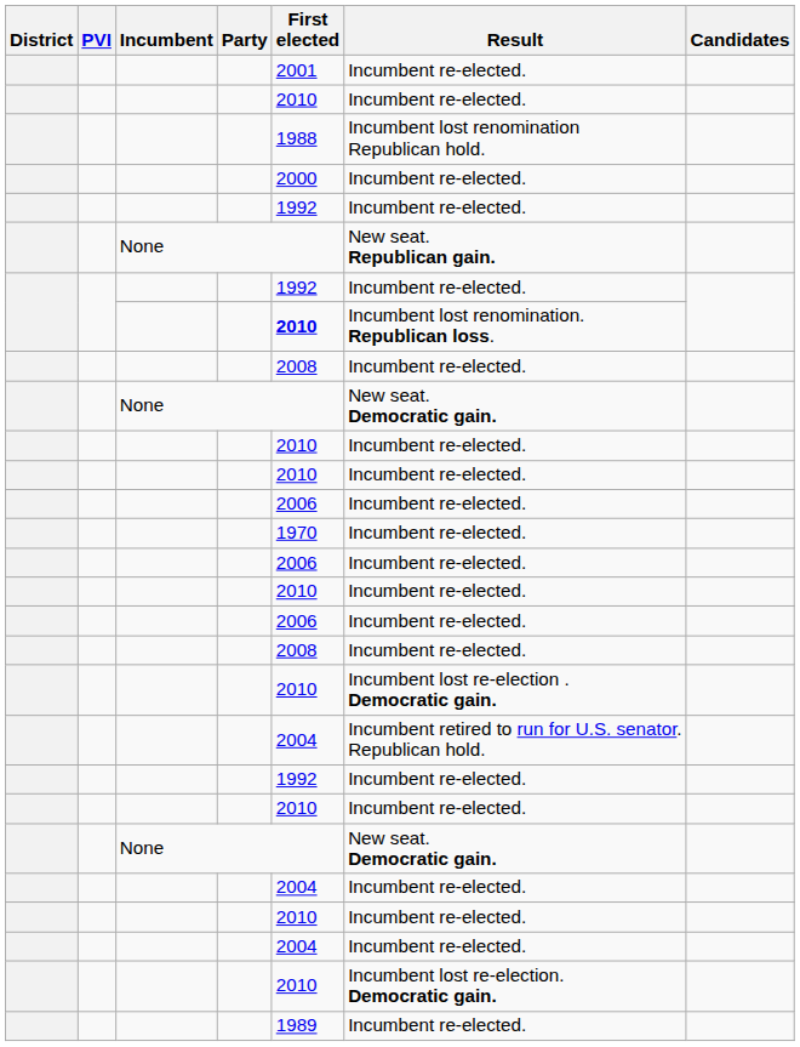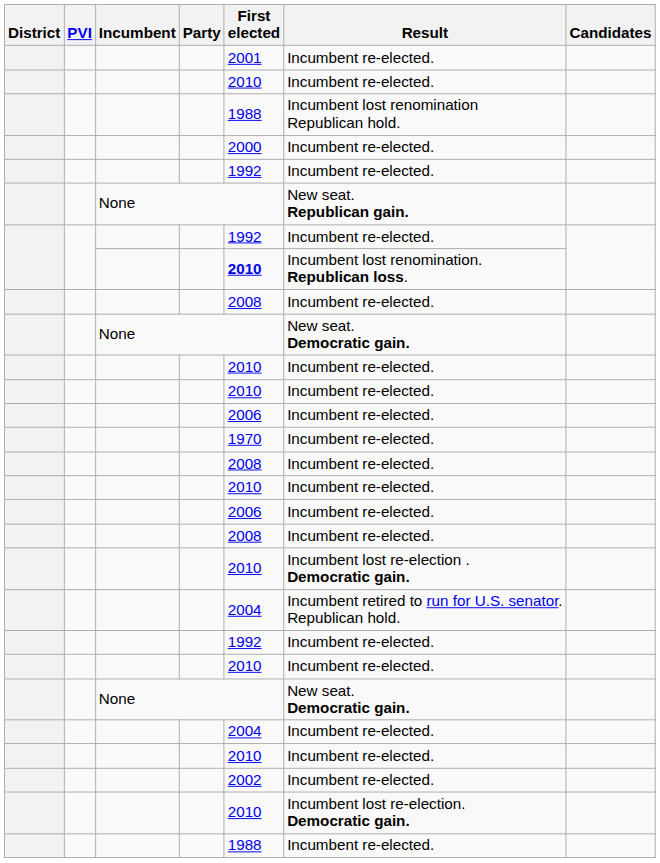 <table class="wikitable sortable">
 <tr valign=bottom>
 <th>District</th>
 <th><a href='#'>PVI</a></th>
 <th>Incumbent</th>
 <th>Party</th>
 <th>First<br>elected</th>
 <th>Result</th>
 <th>Candidates</th>
 </tr>
 <tr>
 <th></th>
 <td></td>
 <td></td>
 <td></td>
 <td><a href='#'>2001 </a></td>
 <td>Incumbent re-elected.</td>
 <td nowrap></td>
 </tr>
 <tr>
 <th></th>
 <td></td>
 <td></td>
 <td></td>
 <td><a href='#'>2010</a></td>
 <td>Incumbent re-elected.</td>
 <td nowrap></td>
 </tr>
 <tr>
 <th></th>
 <td></td>
 <td><br></td>
 <td></td>
 <td><a href='#'>1988</a></td>
 <td>Incumbent lost renomination<br>Republican hold.</td>
 <td nowrap></td>
 </tr>
 <tr>
 <th></th>
 <td></td>
 <td></td>
 <td></td>
 <td><a href='#'>2000</a></td>
 <td>Incumbent re-elected.</td>
 <td nowrap></td>
 </tr>
 <tr>
 <th></th>
 <td></td>
 <td><br></td>
 <td></td>
 <td><a href='#'>1992</a></td>
 <td>Incumbent re-elected.</td>
 <td nowrap></td>
 </tr>
 <tr>
 <th></th>
 <td></td>
 <td colspan=3 data-sort-value="ZZZ">None </td>
 <td>New seat.<br><strong>Republican gain.</strong></td>
 <td nowrap></td>
 </tr>
 <tr>
 <th rowspan=2></th>
 <td rowspan=2 ></td>
 <td></td>
 <td></td>
 <td><a href='#'>1992</a></td>
 <td>Incumbent re-elected.</td>
 <td rowspan=2 nowrap></td>
 </tr>
 <tr>
 <td><br></td>
 <td></td>
 <td><strong><a href='#'>2010</a></strong></td>
 <td>Incumbent lost renomination.<br><strong>Republican loss</strong>.</td>
 </tr>
 <tr>
 <th></th>
 <td></td>
 <td><br></td>
 <td></td>
 <td><a href='#'>2008</a></td>
 <td>Incumbent re-elected.</td>
 <td nowrap></td>
 </tr>
 <tr>
 <th></th>
 <td></td>
 <td colspan=3 data-sort-value="ZZZ">None </td>
 <td>New seat.<br><strong>Democratic gain.</strong></td>
 <td nowrap></td>
 </tr>
 <tr>
 <th></th>
 <td></td>
 <td><br></td>
 <td></td>
 <td><a href='#'>2010</a></td>
 <td>Incumbent re-elected.</td>
 <td nowrap></td>
 </tr>
 <tr>
 <th></th>
 <td></td>
 <td><br></td>
 <td></td>
 <td><a href='#'>2010</a></td>
 <td>Incumbent re-elected.</td>
 <td nowrap></td>
 </tr>
 <tr>
 <th></th>
 <td></td>
 <td><br></td>
 <td></td>
 <td><a href='#'>2006</a></td>
 <td>Incumbent re-elected.</td>
 <td nowrap></td>
 </tr>
 <tr>
 <th></th>
 <td></td>
 <td><br></td>
 <td></td>
 <td><a href='#'>1970</a></td>
 <td>Incumbent re-elected.</td>
 <td nowrap></td>
 </tr>
 <tr>
 <th></th>
 <td></td>
 <td><br></td>
 <td></td>
-<td><a href='#'>2006</a></td>
+<td><a href='#'>2008</a></td>
 <td>Incumbent re-elected.</td>
 <td nowrap></td>
 </tr>
 <tr>
 <th></th>
 <td></td>
 <td><br></td>
 <td></td>
 <td><a href='#'>2010</a></td>
 <td>Incumbent re-elected.</td>
 <td nowrap></td>
 </tr>
 <tr>
 <th></th>
 <td></td>
 <td><br></td>
 <td></td>
 <td><a href='#'>2006</a></td>
 <td>Incumbent re-elected.</td>
 <td nowrap></td>
 </tr>
 <tr>
 <th></th>
 <td></td>
 <td><br></td>
 <td></td>
 <td><a href='#'>2008</a></td>
 <td>Incumbent re-elected.</td>
 <td nowrap></td>
 </tr>
 <tr>
 <th></th>
 <td></td>
 <td><br></td>
 <td></td>
 <td><a href='#'>2010</a></td>
 <td>Incumbent lost re-election .<br><strong>Democratic gain.</strong></td>
 <td nowrap></td>
 </tr>
 <tr>
 <th></th>
 <td></td>
 <td><br></td>
 <td></td>
 <td><a href='#'>2004</a></td>
 <td>Incumbent retired to <a href='#'>run for U.S. senator</a>.<br>Republican hold.</td>
 <td nowrap></td>
 </tr>
 <tr>
 <th></th>
 <td></td>
 <td><br></td>
 <td></td>
 <td><a href='#'>1992</a></td>
 <td>Incumbent re-elected.</td>
 <td nowrap></td>
 </tr>
 <tr>
 <th></th>
 <td></td>
 <td><br></td>
 <td></td>
 <td><a href='#'>2010 </a></td>
 <td>Incumbent re-elected.</td>
 <td nowrap></td>
 </tr>
 <tr>
 <th></th>
 <td></td>
 <td colspan=3 data-sort-value="ZZZ">None </td>
 <td>New seat.<br><strong>Democratic gain.</strong></td>
 <td nowrap></td>
 </tr>
 <tr>
 <th></th>
 <td></td>
 <td><br></td>
 <td></td>
 <td><a href='#'>2004</a></td>
 <td>Incumbent re-elected.</td>
 <td nowrap></td>
 </tr>
 <tr>
 <th></th>
 <td></td>
 <td><br></td>
 <td></td>
 <td><a href='#'>2010</a></td>
 <td>Incumbent re-elected.</td>
 <td nowrap></td>
 </tr>
 <tr>
 <th></th>
 <td></td>
 <td><br></td>
 <td></td>
-<td><a href='#'>2004</a></td>
+<td><a href='#'>2002</a></td>
 <td>Incumbent re-elected.</td>
 <td nowrap></td>
 </tr>
 <tr>
 <th></th>
 <td></td>
 <td><br></td>
 <td></td>
 <td><a href='#'>2010</a></td>
 <td>Incumbent lost re-election.<br><strong>Democratic gain.</strong></td>
 <td nowrap></td>
 </tr>
 <tr>
 <th></th>
 <td></td>
 <td><br></td>
 <td></td>
-<td><a href='#'>1989 </a></td>
+<td><a href='#'>1988 </a></td>
 <td>Incumbent re-elected.</td>
 <td nowrap></td>
 </tr>
 </table>
